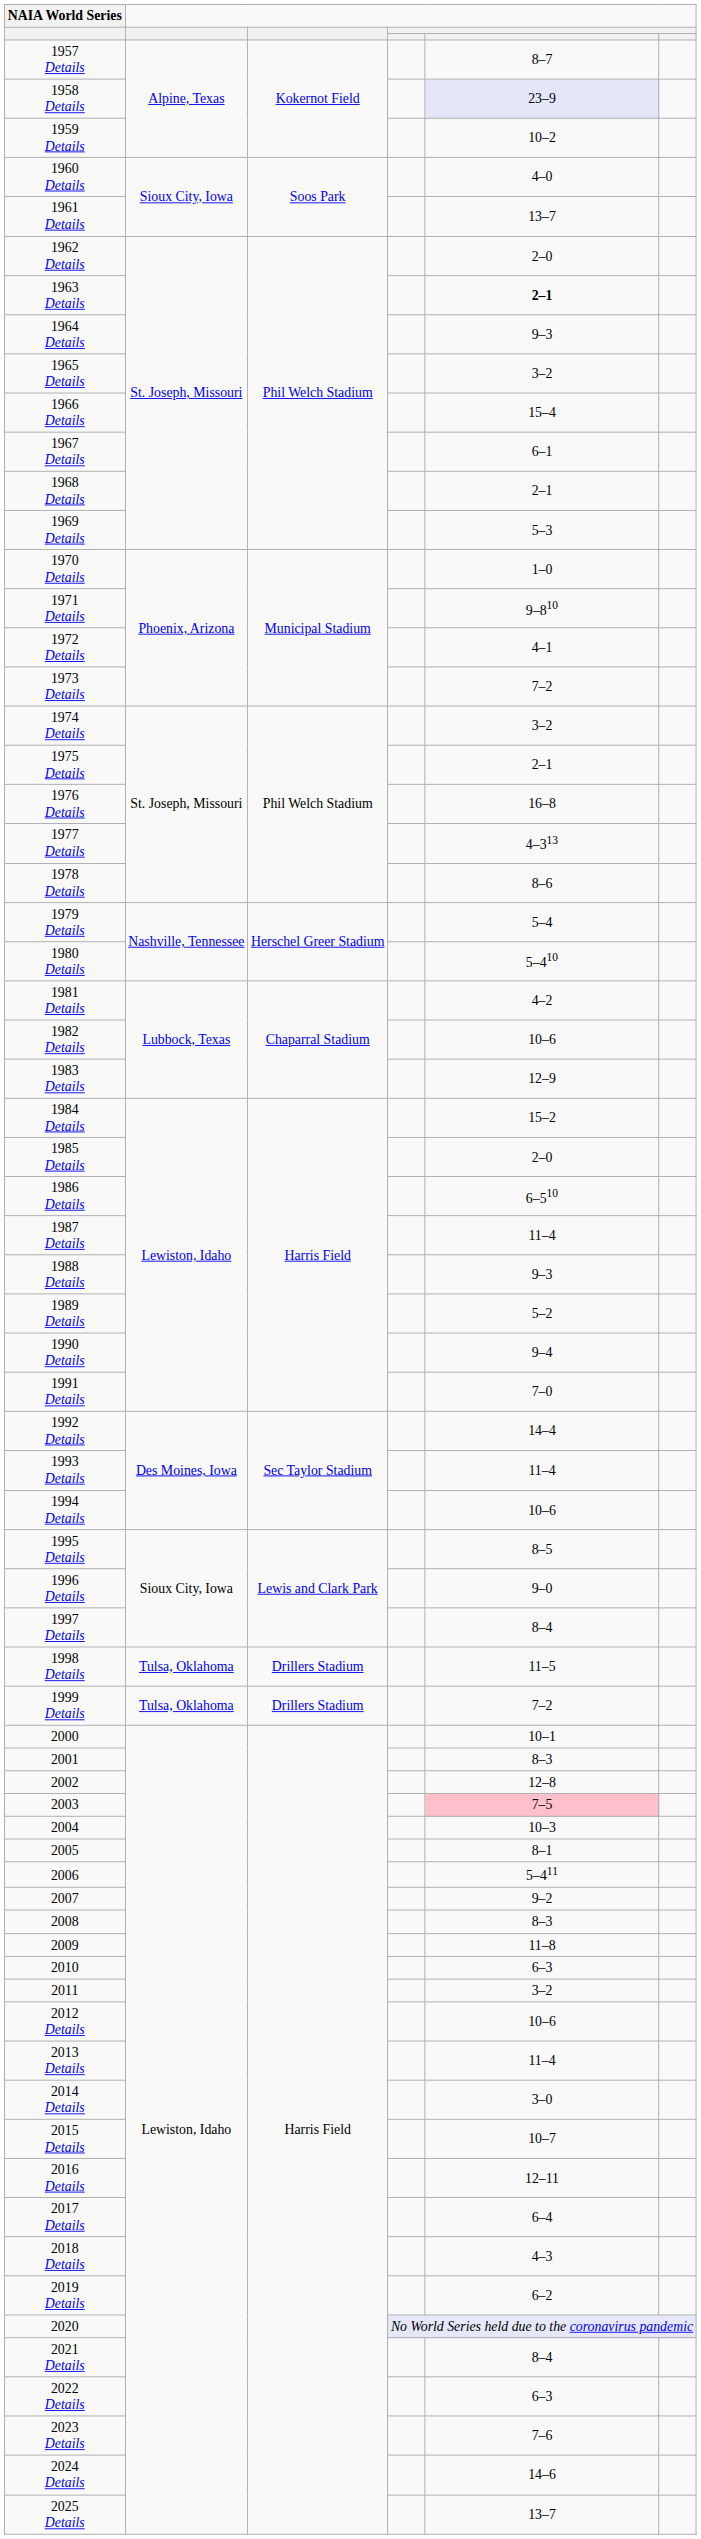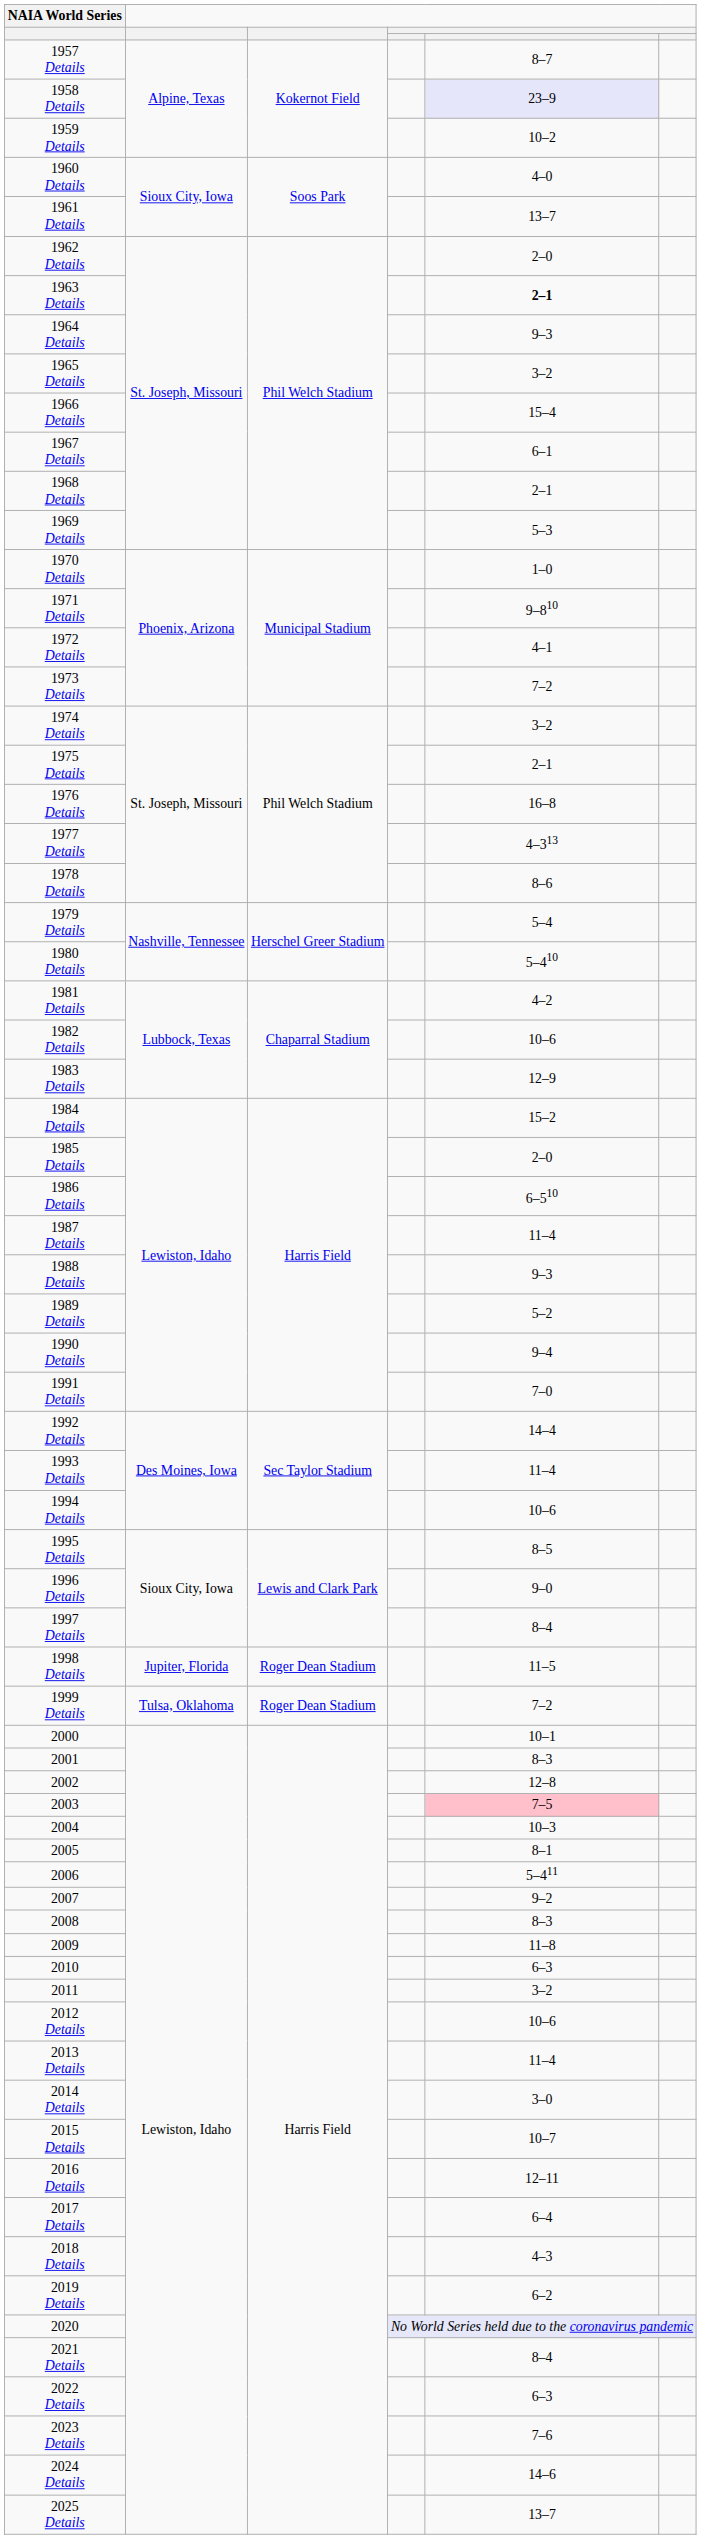 <table class="wikitable sortable" style="font-size:95%; text-align: center;">
 <tr>
 <th style=>NAIA World Series</th>
 </tr>
 <tr>
 <th rowspan="2"></th>
 <th rowspan="2"></th>
 <th rowspan="2"></th>
 <th colspan=3></th>
 </tr>
 <tr>
 <th></th>
 <th></th>
 <th></th>
 </tr>
 <tr>
 <td>1957<br><em><a href='#'>Details</a></em></td>
 <td rowspan=3><a href='#'>Alpine, Texas</a></td>
 <td rowspan=3><a href='#'>Kokernot Field</a></td>
 <td><strong></strong></td>
 <td>8–7</td>
 <td></td>
 </tr>
 <tr>
 <td>1958<br><em><a href='#'>Details</a></em></td>
 <td><strong></strong></td>
 <td style="background: lavender;">23–9</td>
 <td></td>
 </tr>
 <tr>
 <td>1959<br><em><a href='#'>Details</a></em></td>
 <td><strong></strong></td>
 <td>10–2</td>
 <td></td>
 </tr>
 <tr>
 <td>1960<br><em><a href='#'>Details</a></em></td>
 <td rowspan=2><a href='#'>Sioux City, Iowa</a></td>
 <td rowspan=2><a href='#'>Soos Park</a></td>
 <td><strong></strong></td>
 <td>4–0</td>
 <td></td>
 </tr>
 <tr>
 <td>1961<br><em><a href='#'>Details</a></em></td>
 <td><strong></strong></td>
 <td>13–7</td>
 <td></td>
 </tr>
 <tr>
 <td>1962<br><em><a href='#'>Details</a></em></td>
 <td rowspan=8><a href='#'>St. Joseph, Missouri</a></td>
 <td rowspan=8><a href='#'>Phil Welch Stadium</a></td>
 <td><strong></strong></td>
 <td>2–0</td>
 <td></td>
 </tr>
 <tr>
 <td>1963<br><em><a href='#'>Details</a></em></td>
 <td><strong></strong></td>
 <td><strong>2–1</strong></td>
 <td></td>
 </tr>
 <tr>
 <td>1964<br><em><a href='#'>Details</a></em></td>
 <td><strong></strong></td>
 <td>9–3</td>
 <td></td>
 </tr>
 <tr>
 <td>1965<br><em><a href='#'>Details</a></em></td>
 <td><strong></strong></td>
 <td>3–2</td>
 <td></td>
 </tr>
 <tr>
 <td>1966<br><em><a href='#'>Details</a></em></td>
 <td><strong></strong></td>
 <td>15–4</td>
 <td></td>
 </tr>
 <tr>
 <td>1967<br><em><a href='#'>Details</a></em></td>
 <td><strong></strong></td>
 <td>6–1</td>
 <td></td>
 </tr>
 <tr>
 <td>1968<br><em><a href='#'>Details</a></em></td>
 <td><strong></strong></td>
 <td>2–1</td>
 <td></td>
 </tr>
 <tr>
 <td>1969<br><em><a href='#'>Details</a></em></td>
 <td><strong></strong></td>
 <td>5–3</td>
 <td></td>
 </tr>
 <tr>
 <td>1970<br><em><a href='#'>Details</a></em></td>
 <td rowspan=4><a href='#'>Phoenix, Arizona</a></td>
 <td rowspan=4><a href='#'>Municipal Stadium</a></td>
 <td><strong></strong></td>
 <td>1–0</td>
 <td></td>
 </tr>
 <tr>
 <td>1971<br><em><a href='#'>Details</a></em></td>
 <td><strong></strong> </td>
 <td>9–8<sup>10</sup></td>
 <td></td>
 </tr>
 <tr>
 <td>1972<br><em><a href='#'>Details</a></em></td>
 <td><strong></strong></td>
 <td>4–1</td>
 <td></td>
 </tr>
 <tr>
 <td>1973<br><em><a href='#'>Details</a></em></td>
 <td><strong></strong></td>
 <td>7–2</td>
 <td></td>
 </tr>
 <tr>
 <td>1974<br><em><a href='#'>Details</a></em></td>
 <td rowspan=5>St. Joseph, Missouri</td>
 <td rowspan=5>Phil Welch Stadium</td>
 <td><strong></strong></td>
 <td>3–2</td>
 <td></td>
 </tr>
 <tr>
 <td>1975<br><em><a href='#'>Details</a></em></td>
 <td><strong></strong> </td>
 <td>2–1</td>
 <td></td>
 </tr>
 <tr>
 <td>1976<br><em><a href='#'>Details</a></em></td>
 <td><strong></strong> </td>
 <td>16–8</td>
 <td></td>
 </tr>
 <tr>
 <td>1977<br><em><a href='#'>Details</a></em></td>
 <td><strong></strong></td>
 <td>4–3<sup>13</sup></td>
 <td></td>
 </tr>
 <tr>
 <td>1978<br><em><a href='#'>Details</a></em></td>
 <td><strong></strong></td>
 <td>8–6</td>
 <td></td>
 </tr>
 <tr>
 <td>1979<br><em><a href='#'>Details</a></em></td>
 <td rowspan=2><a href='#'>Nashville, Tennessee</a></td>
 <td rowspan=2><a href='#'>Herschel Greer Stadium</a></td>
 <td><strong></strong> </td>
 <td>5–4</td>
 <td></td>
 </tr>
 <tr>
 <td>1980<br><em><a href='#'>Details</a></em></td>
 <td><strong></strong></td>
 <td>5–4<sup>10</sup></td>
 <td></td>
 </tr>
 <tr>
 <td>1981<br><em><a href='#'>Details</a></em></td>
 <td rowspan=3><a href='#'>Lubbock, Texas</a></td>
 <td rowspan=3><a href='#'>Chaparral Stadium</a></td>
 <td><strong></strong> </td>
 <td>4–2</td>
 <td></td>
 </tr>
 <tr>
 <td>1982<br><em><a href='#'>Details</a></em></td>
 <td><strong></strong> </td>
 <td>10–6</td>
 <td></td>
 </tr>
 <tr>
 <td>1983<br><em><a href='#'>Details</a></em></td>
 <td><strong></strong></td>
 <td>12–9</td>
 <td></td>
 </tr>
 <tr>
 <td>1984<br><em><a href='#'>Details</a></em></td>
 <td rowspan=8><a href='#'>Lewiston, Idaho</a></td>
 <td rowspan=8><a href='#'>Harris Field</a></td>
 <td><strong></strong></td>
 <td>15–2</td>
 <td></td>
 </tr>
 <tr>
 <td>1985<br><em><a href='#'>Details</a></em></td>
 <td><strong></strong> </td>
 <td>2–0</td>
 <td></td>
 </tr>
 <tr>
 <td>1986<br><em><a href='#'>Details</a></em></td>
 <td><strong></strong> </td>
 <td>6–5<sup>10</sup></td>
 <td></td>
 </tr>
 <tr>
 <td>1987<br><em><a href='#'>Details</a></em></td>
 <td><strong></strong> </td>
 <td>11–4</td>
 <td></td>
 </tr>
 <tr>
 <td>1988<br><em><a href='#'>Details</a></em></td>
 <td><strong></strong> </td>
 <td>9–3</td>
 <td></td>
 </tr>
 <tr>
 <td>1989<br><em><a href='#'>Details</a></em></td>
 <td><strong></strong> </td>
 <td>5–2</td>
 <td></td>
 </tr>
 <tr>
 <td>1990<br><em><a href='#'>Details</a></em></td>
 <td><strong></strong> </td>
 <td>9–4</td>
 <td></td>
 </tr>
 <tr>
 <td>1991<br><em><a href='#'>Details</a></em></td>
 <td><strong></strong> </td>
 <td>7–0</td>
 <td></td>
 </tr>
 <tr>
 <td>1992<br><em><a href='#'>Details</a></em></td>
 <td rowspan=3><a href='#'>Des Moines, Iowa</a></td>
 <td rowspan=3><a href='#'>Sec Taylor Stadium</a></td>
 <td><strong></strong> </td>
 <td>14–4</td>
 <td></td>
 </tr>
 <tr>
 <td>1993<br><em><a href='#'>Details</a></em></td>
 <td><strong></strong></td>
 <td>11–4</td>
 <td></td>
 </tr>
 <tr>
 <td>1994<br><em><a href='#'>Details</a></em></td>
 <td><strong></strong></td>
 <td>10–6</td>
 <td></td>
 </tr>
 <tr>
 <td>1995<br><em><a href='#'>Details</a></em></td>
 <td rowspan=3>Sioux City, Iowa</td>
 <td rowspan=3><a href='#'>Lewis and Clark Park</a></td>
 <td><strong></strong></td>
 <td>8–5</td>
 <td></td>
 </tr>
 <tr>
 <td>1996<br><em><a href='#'>Details</a></em></td>
 <td><strong></strong> </td>
 <td>9–0</td>
 <td></td>
 </tr>
 <tr>
 <td>1997<br><em><a href='#'>Details</a></em></td>
 <td><strong></strong></td>
 <td>8–4</td>
 <td></td>
 </tr>
 <tr>
 <td>1998<br><em><a href='#'>Details</a></em></td>
-<td><a href='#'>Tulsa, Oklahoma</a></td>
-<td><a href='#'>Drillers Stadium</a></td>
+<td><a href='#'>Jupiter, Florida</a></td>
+<td><a href='#'>Roger Dean Stadium</a></td>
 <td><strong></strong></td>
 <td>11–5</td>
 <td></td>
 </tr>
 <tr>
 <td>1999<br><em><a href='#'>Details</a></em></td>
 <td><a href='#'>Tulsa, Oklahoma</a></td>
-<td><a href='#'>Drillers Stadium</a></td>
+<td><a href='#'>Roger Dean Stadium</a></td>
 <td><strong></strong> </td>
 <td>7–2</td>
 <td></td>
 </tr>
 <tr>
 <td>2000</td>
 <td rowspan="26">Lewiston, Idaho</td>
 <td rowspan="26">Harris Field</td>
 <td><strong></strong> </td>
 <td>10–1</td>
 <td></td>
 </tr>
 <tr>
 <td>2001</td>
 <td><strong></strong></td>
 <td>8–3</td>
 <td></td>
 </tr>
 <tr>
 <td>2002</td>
 <td><strong></strong> </td>
 <td>12–8</td>
 <td></td>
 </tr>
 <tr>
 <td>2003</td>
 <td><strong></strong> </td>
 <td style="background: pink;">7–5</td>
 <td></td>
 </tr>
 <tr>
 <td>2004</td>
 <td><strong></strong></td>
 <td>10–3</td>
 <td></td>
 </tr>
 <tr>
 <td>2005</td>
 <td><strong></strong></td>
 <td>8–1</td>
 <td></td>
 </tr>
 <tr>
 <td>2006</td>
 <td><strong></strong> </td>
 <td>5–4<sup>11</sup></td>
 <td></td>
 </tr>
 <tr>
 <td>2007</td>
 <td><strong></strong> </td>
 <td>9–2</td>
 <td></td>
 </tr>
 <tr>
 <td>2008</td>
 <td><strong></strong> </td>
 <td>8–3</td>
 <td></td>
 </tr>
 <tr>
 <td>2009</td>
 <td><strong></strong> </td>
 <td>11–8</td>
 <td></td>
 </tr>
 <tr>
 <td>2010</td>
 <td><strong></strong> </td>
 <td>6–3</td>
 <td></td>
 </tr>
 <tr>
 <td>2011</td>
 <td><strong></strong></td>
 <td>3–2</td>
 <td></td>
 </tr>
 <tr>
 <td>2012<br><em><a href='#'>Details</a></em></td>
 <td><strong></strong></td>
 <td>10–6</td>
 <td></td>
 </tr>
 <tr>
 <td>2013<br><em><a href='#'>Details</a></em></td>
 <td><strong></strong></td>
 <td>11–4</td>
 <td></td>
 </tr>
 <tr>
 <td>2014<br><em><a href='#'>Details</a></em></td>
 <td><strong></strong> </td>
 <td>3–0</td>
 <td></td>
 </tr>
 <tr>
 <td>2015<br><em><a href='#'>Details</a></em></td>
 <td><strong></strong> </td>
 <td>10–7</td>
 <td></td>
 </tr>
 <tr>
 <td>2016<br><em><a href='#'>Details</a></em></td>
 <td><strong></strong> </td>
 <td>12–11</td>
 <td></td>
 </tr>
 <tr>
 <td>2017<br><em><a href='#'>Details</a></em></td>
 <td><strong></strong> </td>
 <td>6–4</td>
 <td></td>
 </tr>
 <tr>
 <td>2018<br><em><a href='#'>Details</a></em></td>
 <td><strong></strong></td>
 <td>4–3</td>
 <td></td>
 </tr>
 <tr>
 <td>2019<br><em><a href='#'>Details</a></em></td>
 <td><strong></strong> </td>
 <td>6–2</td>
 <td></td>
 </tr>
 <tr>
 <td>2020</td>
 <td colspan=4 align=center style="background:#E6E8FA;"><em>No World Series held due to the <a href='#'>coronavirus pandemic</a></em></td>
 </tr>
 <tr>
 <td>2021<br><em><a href='#'>Details</a></em></td>
 <td><strong></strong></td>
 <td>8–4</td>
 <td></td>
 </tr>
 <tr>
 <td>2022<br><em><a href='#'>Details</a></em></td>
 <td><strong></strong> </td>
 <td>6–3</td>
 <td></td>
 </tr>
 <tr>
 <td>2023<br><em><a href='#'>Details</a></em></td>
 <td><strong></strong></td>
 <td>7–6</td>
 <td></td>
 </tr>
 <tr>
 <td>2024<br><em><a href='#'>Details</a></em></td>
 <td><strong></strong></td>
 <td>14–6</td>
 <td></td>
 </tr>
 <tr>
 <td>2025<br><em><a href='#'>Details</a></em></td>
 <td><strong></strong></td>
 <td>13–7</td>
 <td></td>
 </tr>
 </table>
